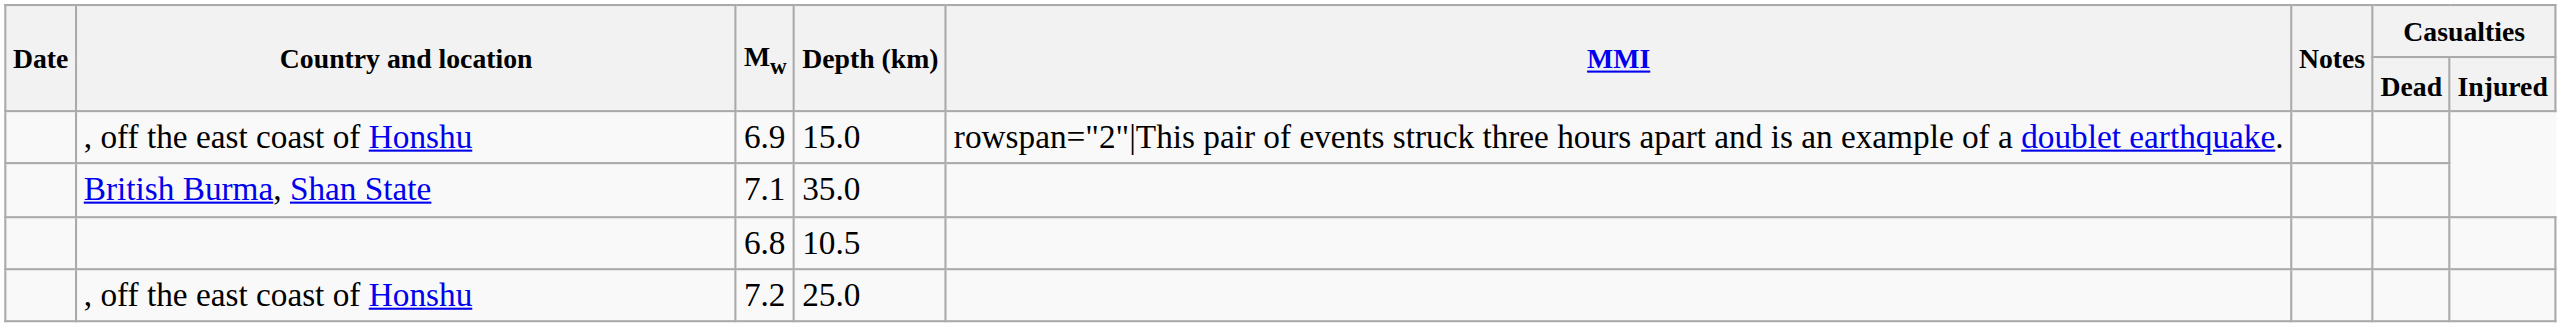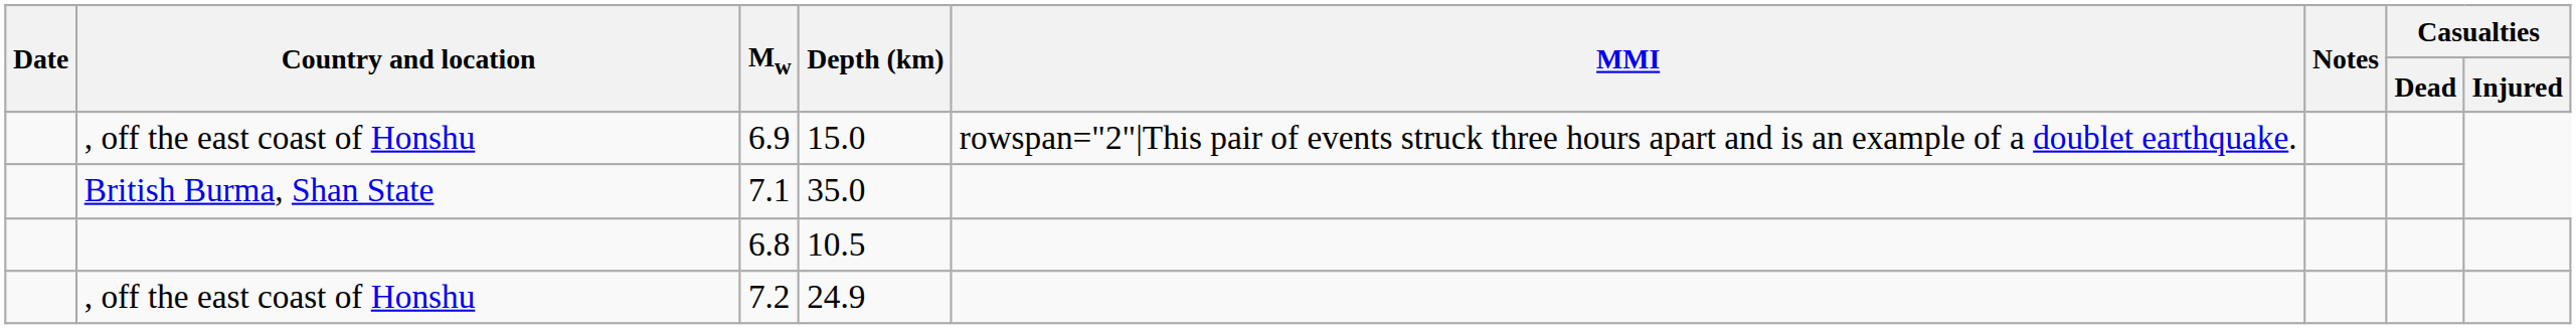 <table class="wikitable sortable sort-under" style="border:1px black; margin-left:1em;">
 <tr>
 <th rowspan="2"><small>Date</small></th>
 <th rowspan="2" style="width: 310px"><small>Country and location</small></th>
 <th rowspan="2"><small>M<sub>w</sub></small></th>
 <th rowspan="2"><small>Depth (km)</small></th>
 <th rowspan="2"><small><a href='#'>MMI</a></small></th>
 <th rowspan="2" class="unsortable"><small>Notes</small></th>
 <th colspan="2"><small>Casualties</small></th>
 </tr>
 <tr>
 <th><small>Dead</small></th>
 <th><small>Injured</small></th>
 </tr>
 <tr>
 <td></td>
 <td>, off the east coast of <a href='#'>Honshu</a></td>
 <td>6.9</td>
 <td>15.0</td>
 <td>rowspan="2"|This pair of events struck three hours apart and is an example of a <a href='#'>doublet earthquake</a>.</td>
 <td></td>
 <td></td>
 </tr>
 <tr>
 <td></td>
 <td> <a href='#'>British Burma</a>, <a href='#'>Shan State</a></td>
 <td>7.1</td>
 <td>35.0</td>
 <td></td>
 <td></td>
 <td></td>
 </tr>
 <tr>
 <td></td>
 <td></td>
 <td>6.8</td>
 <td>10.5</td>
 <td></td>
 <td></td>
 <td></td>
 <td></td>
 </tr>
 <tr>
 <td></td>
 <td>, off the east coast of <a href='#'>Honshu</a></td>
 <td>7.2</td>
-<td>25.0</td>
+<td>24.9</td>
 <td></td>
 <td></td>
 <td></td>
 <td></td>
 </tr>
 </table>
